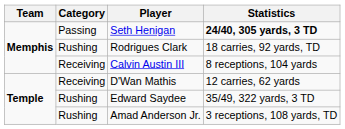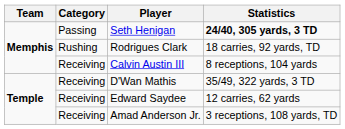 <table class="wikitable" style="float: left;">
 <tr>
 <th>Team</th>
 <th>Category</th>
 <th>Player</th>
 <th>Statistics</th>
 </tr>
 <tr>
 <td rowspan=3><strong>Memphis</strong></td>
 <td>Passing</td>
 <td><a href='#'>Seth Henigan</a></td>
 <td><strong>24/40, 305 yards, 3 TD</strong></td>
 </tr>
 <tr>
 <td>Rushing</td>
 <td>Rodrigues Clark</td>
 <td>18 carries, 92 yards, TD</td>
 </tr>
 <tr>
 <td>Receiving</td>
 <td><a href='#'>Calvin Austin III</a></td>
 <td>8 receptions, 104 yards</td>
 </tr>
 <tr>
 <td rowspan=3><strong>Temple</strong></td>
 <td>Receiving</td>
 <td>D'Wan Mathis</td>
+<td>35/49, 322 yards, 3 TD</td>
+</tr>
+<tr>
+<td>Receiving</td>
+<td>Edward Saydee</td>
 <td>12 carries, 62 yards</td>
 </tr>
 <tr>
-<td>Rushing</td>
-<td>Edward Saydee</td>
-<td>35/49, 322 yards, 3 TD</td>
-</tr>
-<tr>
-<td>Rushing</td>
+<td>Receiving</td>
 <td>Amad Anderson Jr.</td>
 <td>3 receptions, 108 yards, TD</td>
 </tr>
 </table>
